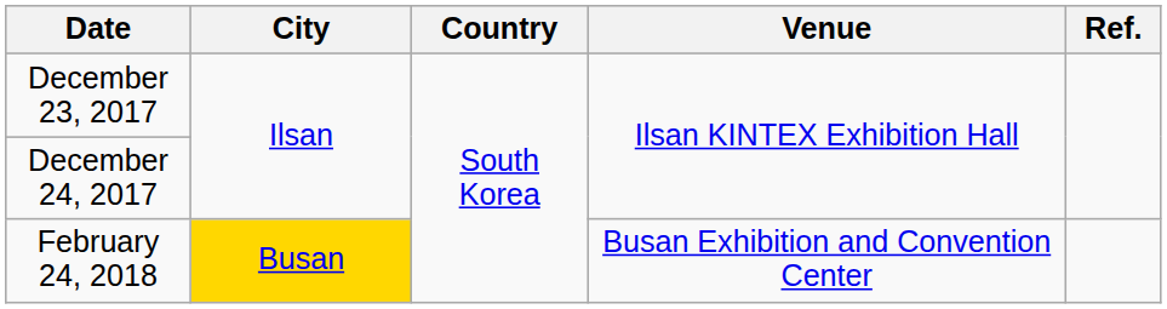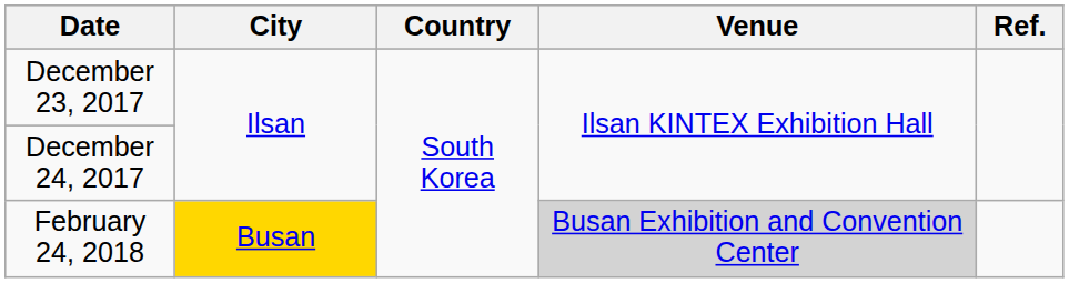 <table class="wikitable" style="text-align:center;">
 <tr>
 <th width="100">Date</th>
 <th width="150">City</th>
 <th width="100">Country</th>
 <th width="350">Venue</th>
 <th width="50">Ref.</th>
 </tr>
 <tr>
 <td>December 23, 2017</td>
 <td rowspan="2"><a href='#'>Ilsan</a></td>
 <td rowspan="3"><a href='#'>South Korea</a></td>
 <td rowspan="2"><a href='#'>Ilsan KINTEX Exhibition Hall</a></td>
 <td rowspan="2"></td>
 </tr>
 <tr>
 <td>December 24, 2017</td>
 </tr>
 <tr>
 <td>February 24, 2018</td>
 <td style="background: gold;"><a href='#'>Busan</a></td>
-<td><a href='#'>Busan Exhibition and Convention Center</a></td>
+<td style="background: lightgrey;"><a href='#'>Busan Exhibition and Convention Center</a></td>
 <td></td>
 </tr>
 </table>
